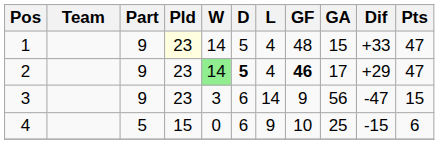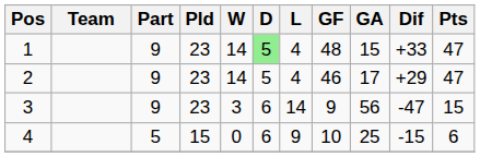 <table class="wikitable sortable" width=65% style="text-align:center">
 <tr>
 <th width=5%>Pos</th>
 <th width=15%>Team</th>
 <th width=5%>Part</th>
 <th width=5%>Pld</th>
 <th width=5%>W</th>
 <th width=5%>D</th>
 <th width=5%>L</th>
 <th width=5%>GF</th>
 <th width=5%>GA</th>
 <th width=5%>Dif</th>
 <th width=5%>Pts</th>
 </tr>
 <tr>
 <td>1</td>
 <td style="text-align:left;"></td>
 <td>9</td>
-<td style="background: lightyellow;">23</td>
+<td>23</td>
 <td>14</td>
-<td>5</td>
+<td style="background: lightgreen;">5</td>
 <td>4</td>
 <td>48</td>
 <td>15</td>
 <td>+33</td>
 <td>47</td>
 </tr>
 <tr>
 <td>2</td>
 <td style="text-align:left;"></td>
 <td>9</td>
 <td>23</td>
-<td style="background: lightgreen;">14</td>
-<td><strong>5</strong></td>
+<td>14</td>
+<td>5</td>
 <td>4</td>
-<td><strong>46</strong></td>
+<td>46</td>
 <td>17</td>
 <td>+29</td>
 <td>47</td>
 </tr>
 <tr>
 <td>3</td>
 <td style="text-align:left;"></td>
 <td>9</td>
 <td>23</td>
 <td>3</td>
 <td>6</td>
 <td>14</td>
 <td>9</td>
 <td>56</td>
 <td>-47</td>
 <td>15</td>
 </tr>
 <tr>
 <td>4</td>
 <td style="text-align:left;"></td>
 <td>5</td>
 <td>15</td>
 <td>0</td>
 <td>6</td>
 <td>9</td>
 <td>10</td>
 <td>25</td>
 <td>-15</td>
 <td>6</td>
 </tr>
 <tr>
 </tr>
 </table>
